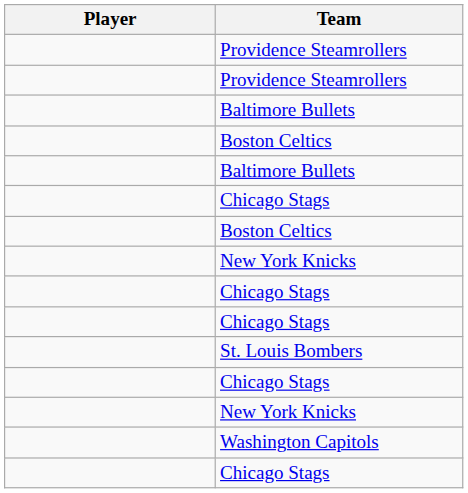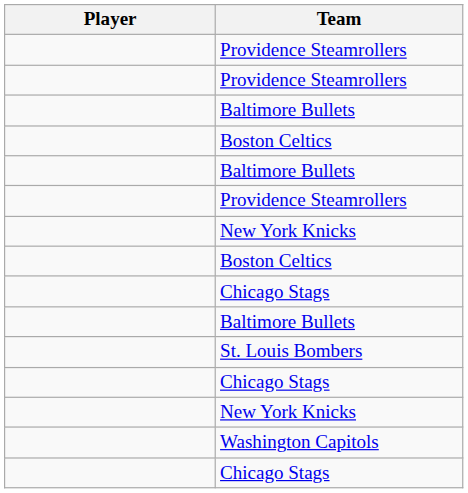 <table class="wikitable sortable" style="text-align:left">
 <tr>
 <th style="width:170px">Player</th>
 <th style="width:200px">Team</th>
 </tr>
 <tr>
 <td></td>
 <td><a href='#'>Providence Steamrollers</a></td>
 </tr>
 <tr>
 <td></td>
 <td><a href='#'>Providence Steamrollers</a></td>
 </tr>
 <tr>
 <td></td>
 <td><a href='#'>Baltimore Bullets</a></td>
 </tr>
 <tr>
 <td></td>
 <td><a href='#'>Boston Celtics</a></td>
 </tr>
 <tr>
 <td></td>
 <td><a href='#'>Baltimore Bullets</a></td>
 </tr>
 <tr>
 <td></td>
-<td><a href='#'>Chicago Stags</a></td>
+<td><a href='#'>Providence Steamrollers</a></td>
+</tr>
+<tr>
+<td></td>
+<td><a href='#'>New York Knicks</a></td>
 </tr>
 <tr>
 <td></td>
 <td><a href='#'>Boston Celtics</a></td>
 </tr>
 <tr>
 <td></td>
-<td><a href='#'>New York Knicks</a></td>
-</tr>
-<tr>
-<td></td>
 <td><a href='#'>Chicago Stags</a></td>
 </tr>
 <tr>
 <td></td>
-<td><a href='#'>Chicago Stags</a></td>
+<td><a href='#'>Baltimore Bullets</a></td>
 </tr>
 <tr>
 <td></td>
 <td><a href='#'>St. Louis Bombers</a></td>
 </tr>
 <tr>
 <td></td>
 <td><a href='#'>Chicago Stags</a></td>
 </tr>
 <tr>
 <td></td>
 <td><a href='#'>New York Knicks</a></td>
 </tr>
 <tr>
 <td></td>
 <td><a href='#'>Washington Capitols</a></td>
 </tr>
 <tr>
 <td></td>
 <td><a href='#'>Chicago Stags</a></td>
 </tr>
 </table>
